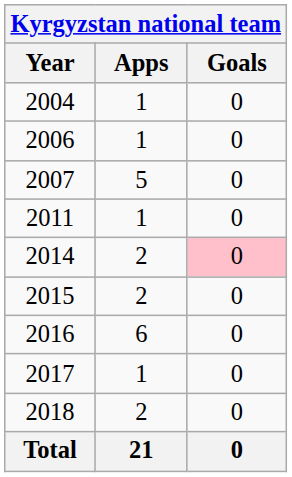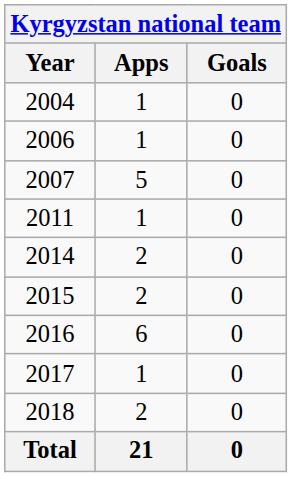 <table class="wikitable" style="text-align:center">
 <tr>
 <th colspan=3><a href='#'>Kyrgyzstan national team</a></th>
 </tr>
 <tr>
 <th>Year</th>
 <th>Apps</th>
 <th>Goals</th>
 </tr>
 <tr>
 <td>2004</td>
 <td>1</td>
 <td>0</td>
 </tr>
 <tr>
 <td>2006</td>
 <td>1</td>
 <td>0</td>
 </tr>
 <tr>
 <td>2007</td>
 <td>5</td>
 <td>0</td>
 </tr>
 <tr>
 <td>2011</td>
 <td>1</td>
 <td>0</td>
 </tr>
 <tr>
 <td>2014</td>
 <td>2</td>
-<td style="background: pink;">0</td>
+<td>0</td>
 </tr>
 <tr>
 <td>2015</td>
 <td>2</td>
 <td>0</td>
 </tr>
 <tr>
 <td>2016</td>
 <td>6</td>
 <td>0</td>
 </tr>
 <tr>
 <td>2017</td>
 <td>1</td>
 <td>0</td>
 </tr>
 <tr>
 <td>2018</td>
 <td>2</td>
 <td>0</td>
 </tr>
 <tr>
 <th>Total</th>
 <th>21</th>
 <th>0</th>
 </tr>
 </table>
